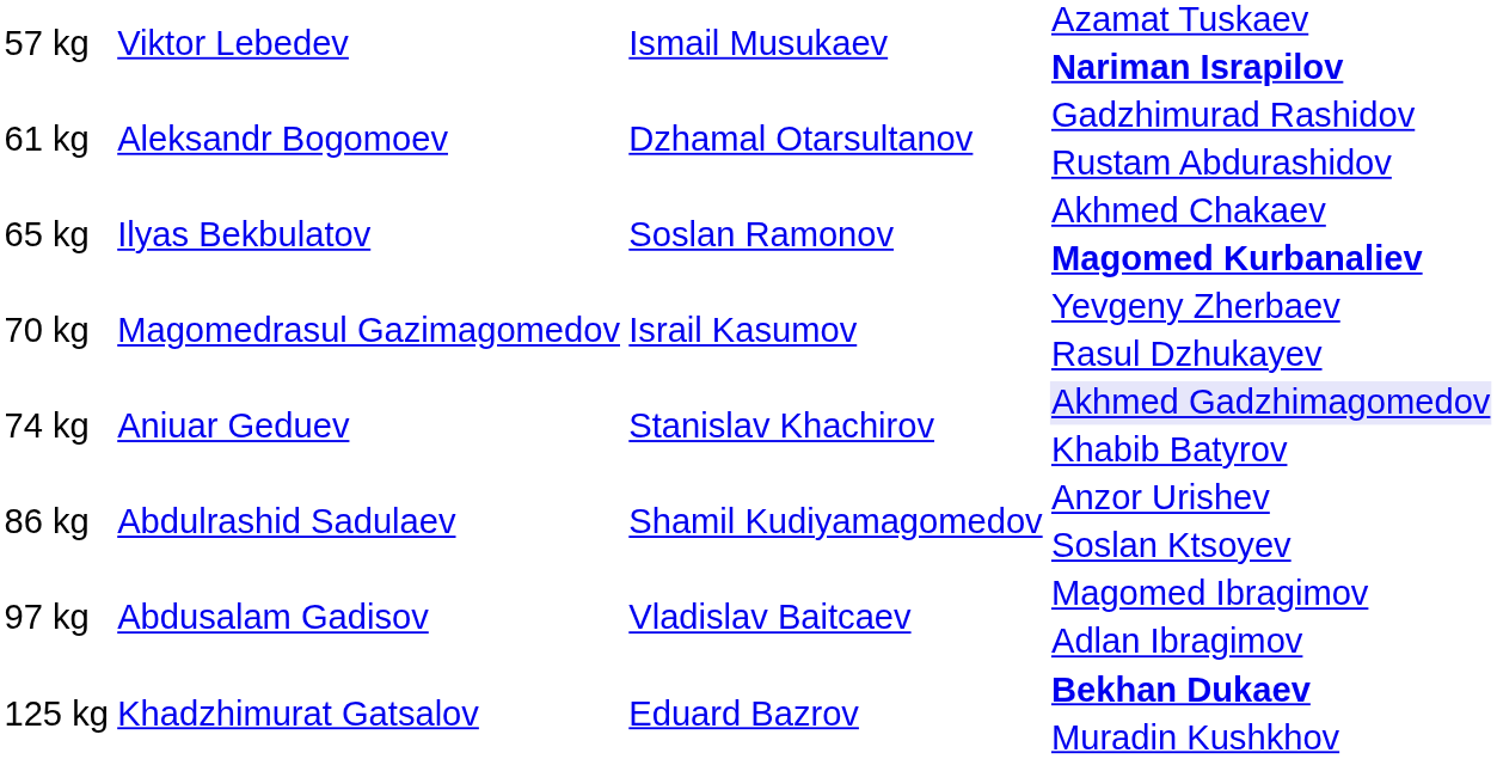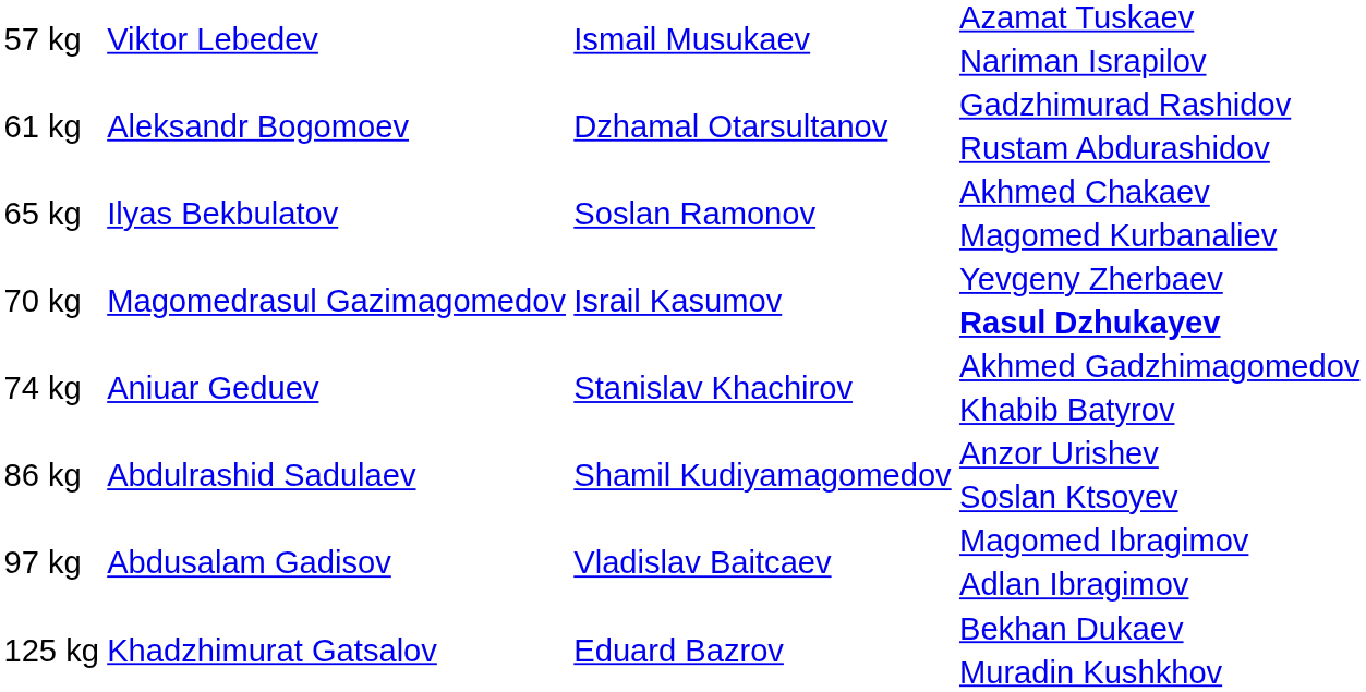 <table>
 <tr>
 <td rowspan=2>57 kg<br></td>
 <td rowspan=2> <a href='#'>Viktor Lebedev</a></td>
 <td rowspan=2> <a href='#'>Ismail Musukaev</a></td>
 <td> <a href='#'>Azamat Tuskaev</a></td>
 </tr>
 <tr>
-<td><strong> <a href='#'>Nariman Israpilov</a></strong></td>
+<td> <a href='#'>Nariman Israpilov</a></td>
 </tr>
 <tr>
 <td rowspan=2>61 kg<br></td>
 <td rowspan=2> <a href='#'>Aleksandr Bogomoev</a></td>
 <td rowspan=2> <a href='#'>Dzhamal Otarsultanov</a></td>
 <td> <a href='#'>Gadzhimurad Rashidov</a></td>
 </tr>
 <tr>
 <td> <a href='#'>Rustam Abdurashidov</a></td>
 </tr>
 <tr>
 <td rowspan=2>65 kg<br></td>
 <td rowspan=2> <a href='#'>Ilyas Bekbulatov</a></td>
 <td rowspan=2> <a href='#'>Soslan Ramonov</a></td>
 <td> <a href='#'>Akhmed Chakaev</a></td>
 </tr>
 <tr>
-<td><strong> <a href='#'>Magomed Kurbanaliev</a></strong></td>
+<td> <a href='#'>Magomed Kurbanaliev</a></td>
 </tr>
 <tr>
 <td rowspan=2>70 kg<br></td>
 <td rowspan=2> <a href='#'>Magomedrasul Gazimagomedov</a></td>
 <td rowspan=2> <a href='#'>Israil Kasumov</a></td>
 <td><a href='#'>Yevgeny Zherbaev</a></td>
 </tr>
 <tr>
-<td> <a href='#'>Rasul Dzhukayev</a></td>
+<td><strong> <a href='#'>Rasul Dzhukayev</a></strong></td>
 </tr>
 <tr>
 <td rowspan=2>74 kg<br></td>
 <td rowspan=2> <a href='#'>Aniuar Geduev</a></td>
 <td rowspan=2> <a href='#'>Stanislav Khachirov</a></td>
-<td style="background: lavender;"> <a href='#'>Akhmed Gadzhimagomedov</a></td>
+<td> <a href='#'>Akhmed Gadzhimagomedov</a></td>
 </tr>
 <tr>
 <td> <a href='#'>Khabib Batyrov</a></td>
 </tr>
 <tr>
 <td rowspan=2>86 kg<br></td>
 <td rowspan=2> <a href='#'>Abdulrashid Sadulaev</a></td>
 <td rowspan=2> <a href='#'>Shamil Kudiyamagomedov</a></td>
 <td> <a href='#'>Anzor Urishev</a></td>
 </tr>
 <tr>
 <td>  <a href='#'>Soslan Ktsoyev</a></td>
 </tr>
 <tr>
 <td rowspan=2>97 kg<br></td>
 <td rowspan=2> <a href='#'>Abdusalam Gadisov</a></td>
 <td rowspan=2> <a href='#'>Vladislav Baitcaev</a></td>
 <td> <a href='#'>Magomed Ibragimov</a></td>
 </tr>
 <tr>
 <td> <a href='#'>Adlan Ibragimov</a></td>
 </tr>
 <tr>
 <td rowspan=2>125 kg<br></td>
 <td rowspan=2> <a href='#'>Khadzhimurat Gatsalov</a></td>
 <td rowspan=2> <a href='#'>Eduard Bazrov</a></td>
-<td><strong> <a href='#'>Bekhan Dukaev</a></strong></td>
+<td> <a href='#'>Bekhan Dukaev</a></td>
 </tr>
 <tr>
 <td> <a href='#'>Muradin Kushkhov</a></td>
 </tr>
 </table>
